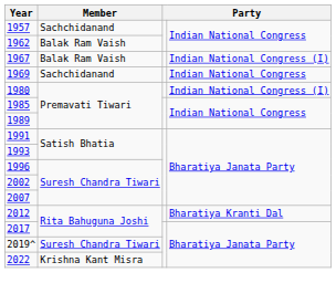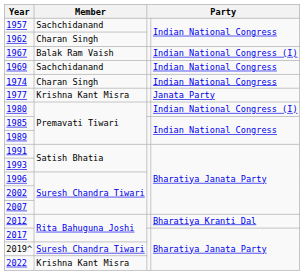 <table class="wikitable">
 <tr>
 <th>Year</th>
 <th>Member</th>
 <th colspan="2">Party</th>
 </tr>
 <tr>
 <td><a href='#'>1957</a></td>
 <td>Sachchidanand</td>
 <td rowspan="2" style="background-color: "></td>
 <td rowspan="2"><a href='#'>Indian National Congress</a></td>
 </tr>
 <tr>
 <td><a href='#'>1962</a></td>
-<td>Balak Ram Vaish</td>
+<td>Charan Singh</td>
 </tr>
 <tr>
 <td><a href='#'>1967</a></td>
 <td>Balak Ram Vaish</td>
 <td style="background-color: "></td>
 <td><a href='#'>Indian National Congress (I)</a></td>
 </tr>
 <tr>
 <td><a href='#'>1969</a></td>
 <td>Sachchidanand</td>
 <td style="background-color: "></td>
 <td><a href='#'>Indian National Congress</a></td>
+</tr>
+<tr>
+<td><a href='#'>1974</a></td>
+<td>Charan Singh</td>
+<td style="background-color: "></td>
+<td><a href='#'>Indian National Congress</a></td>
+</tr>
+<tr>
+<td><a href='#'>1977</a></td>
+<td>Krishna Kant Misra</td>
+<td style="background-color: "></td>
+<td><a href='#'>Janata Party</a></td>
 </tr>
 <tr>
 <td><a href='#'>1980</a></td>
 <td rowspan="3">Premavati Tiwari</td>
 <td style="background-color: "></td>
 <td><a href='#'>Indian National Congress (I)</a></td>
 </tr>
 <tr>
 <td><a href='#'>1985</a></td>
 <td rowspan="2" style="background-color: "></td>
 <td rowspan="2"><a href='#'>Indian National Congress</a></td>
 </tr>
 <tr>
 <td><a href='#'>1989</a></td>
 </tr>
 <tr>
 <td><a href='#'>1991</a></td>
 <td rowspan="2">Satish Bhatia</td>
 <td rowspan="5" style="background-color: "></td>
 <td rowspan="5"><a href='#'>Bharatiya Janata Party</a></td>
 </tr>
 <tr>
 <td><a href='#'>1993</a></td>
 </tr>
 <tr>
 <td><a href='#'>1996</a></td>
 <td rowspan="3"><a href='#'>Suresh Chandra Tiwari</a></td>
 </tr>
 <tr>
 <td><a href='#'>2002</a></td>
 </tr>
 <tr>
 <td><a href='#'>2007</a></td>
 </tr>
 <tr>
 <td><a href='#'>2012</a></td>
 <td rowspan="2"><a href='#'>Rita Bahuguna Joshi</a></td>
 <td style="background-color: "></td>
 <td><a href='#'>Bharatiya Kranti Dal</a></td>
 </tr>
 <tr>
 <td><a href='#'>2017</a></td>
 <td rowspan="3" style="background-color: "></td>
 <td rowspan="3"><a href='#'>Bharatiya Janata Party</a></td>
 </tr>
 <tr>
 <td>2019^</td>
 <td><a href='#'>Suresh Chandra Tiwari</a></td>
 </tr>
 <tr>
 <td><a href='#'>2022</a></td>
 <td>Krishna Kant Misra</td>
 </tr>
 </table>
